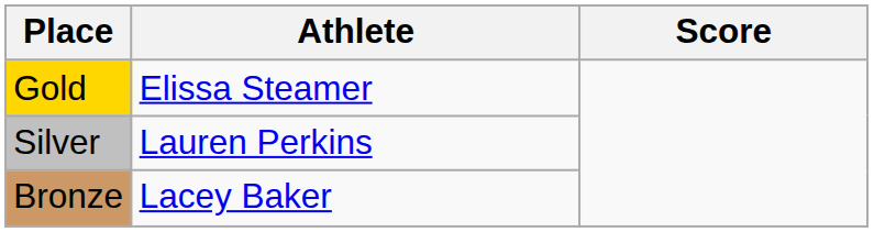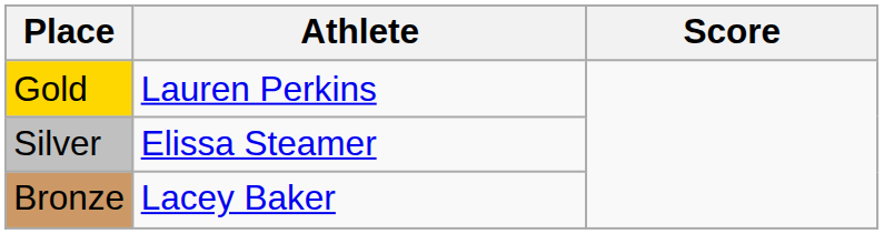 <table class="wikitable">
 <tr>
 <th width="50">Place</th>
 <th width="200">Athlete</th>
 <th width="125">Score</th>
 </tr>
 <tr>
 <td style="background:gold;">Gold</td>
-<td><a href='#'>Elissa Steamer</a></td>
+<td><a href='#'>Lauren Perkins</a></td>
 </tr>
 <tr>
 <td style="background:silver;">Silver</td>
-<td><a href='#'>Lauren Perkins</a></td>
+<td><a href='#'>Elissa Steamer</a></td>
 </tr>
 <tr>
 <td style="background:#CC9966;">Bronze</td>
 <td><a href='#'>Lacey Baker</a></td>
 </tr>
 </table>
